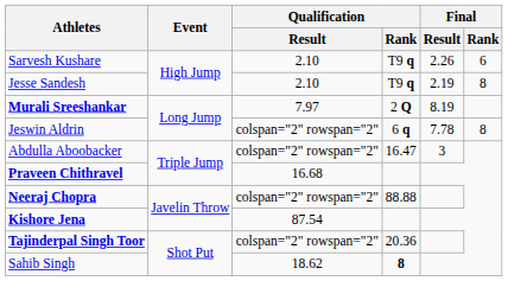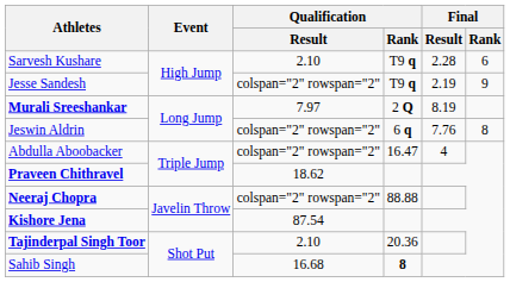 <table class=wikitable style="text-align:center; font-size:90%">
 <tr>
 <th rowspan=2>Athletes</th>
 <th rowspan=2>Event</th>
 <th colspan=2>Qualification</th>
 <th colspan=2>Final</th>
 </tr>
 <tr>
 <th>Result</th>
 <th>Rank</th>
 <th>Result</th>
 <th>Rank</th>
 </tr>
 <tr>
 <td style="text-align:left"><a href='#'>Sarvesh Kushare</a></td>
 <td rowspan="2"><a href='#'>High Jump</a></td>
 <td>2.10</td>
 <td>T9 <strong>q</strong></td>
-<td>2.26 <strong></strong></td>
+<td>2.28 <strong></strong></td>
 <td>6</td>
 </tr>
 <tr>
 <td style="text-align:left"><a href='#'>Jesse Sandesh</a></td>
-<td>2.10</td>
+<td>colspan="2" rowspan="2" </td>
 <td>T9 <strong>q</strong></td>
 <td>2.19</td>
-<td>8</td>
+<td>9</td>
 </tr>
 <tr>
 <td style="text-align:left"><strong><a href='#'>Murali Sreeshankar</a></strong></td>
 <td rowspan="2"><a href='#'>Long Jump</a></td>
 <td>7.97</td>
 <td>2 <strong>Q</strong></td>
 <td>8.19</td>
 <td><strong></strong></td>
 </tr>
 <tr>
 <td style="text-align:left"><a href='#'>Jeswin Aldrin</a></td>
 <td>colspan="2" rowspan="2" </td>
 <td>6 <strong>q</strong></td>
-<td>7.78</td>
+<td>7.76</td>
 <td>8</td>
 </tr>
 <tr>
 <td style="text-align:left"><a href='#'>Abdulla Aboobacker</a></td>
 <td rowspan="2"><a href='#'>Triple Jump</a></td>
 <td>colspan="2" rowspan="2" </td>
 <td>16.47</td>
-<td>3</td>
+<td>4</td>
 </tr>
 <tr>
 <td style="text-align:left"><strong><a href='#'>Praveen Chithravel</a></strong></td>
-<td>16.68</td>
+<td>18.62</td>
 <td><strong></strong></td>
 </tr>
 <tr>
 <td style="text-align:left"><strong><a href='#'>Neeraj Chopra</a></strong></td>
 <td rowspan="2"><a href='#'>Javelin Throw</a></td>
 <td>colspan="2" rowspan="2" </td>
 <td>88.88 <strong></strong></td>
 <td><strong></strong></td>
 </tr>
 <tr>
 <td style="text-align:left"><strong><a href='#'>Kishore Jena</a></strong></td>
 <td>87.54 <strong></strong></td>
 <td><strong></strong></td>
 </tr>
 <tr>
 <td style="text-align:left"><strong><a href='#'>Tajinderpal Singh Toor</a></strong></td>
 <td rowspan="2"><a href='#'>Shot Put</a></td>
-<td>colspan="2" rowspan="2" </td>
+<td>2.10</td>
 <td>20.36</td>
 <td><strong></strong></td>
 </tr>
 <tr>
 <td style="text-align:left"><a href='#'>Sahib Singh</a></td>
-<td>18.62</td>
+<td>16.68</td>
 <td><strong>8</strong></td>
 </tr>
 </table>
